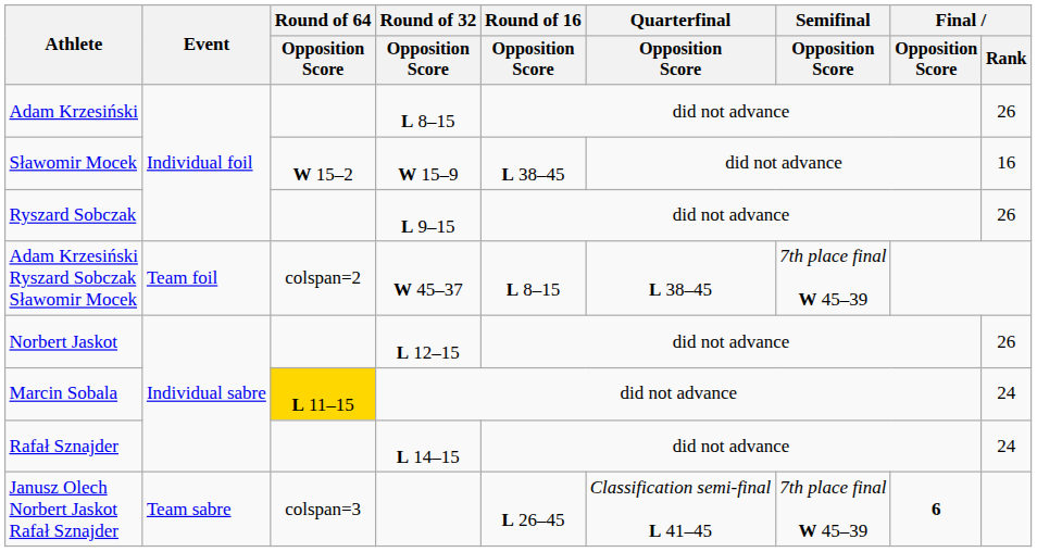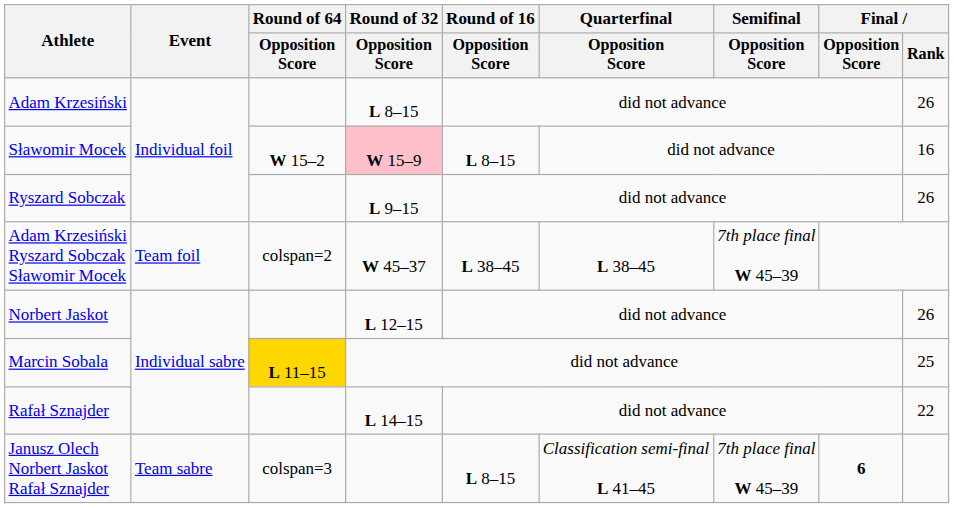 <table class="wikitable" style="font-size:90%">
 <tr>
 <th rowspan="2">Athlete</th>
 <th rowspan="2">Event</th>
 <th>Round of 64</th>
 <th>Round of 32</th>
 <th>Round of 16</th>
 <th>Quarterfinal</th>
 <th>Semifinal</th>
 <th colspan=2>Final / </th>
 </tr>
 <tr style="font-size:95%">
 <th>Opposition <br> Score</th>
 <th>Opposition <br> Score</th>
 <th>Opposition <br> Score</th>
 <th>Opposition <br> Score</th>
 <th>Opposition <br> Score</th>
 <th>Opposition <br> Score</th>
 <th>Rank</th>
 </tr>
 <tr align=center>
 <td align=left><a href='#'>Adam Krzesiński</a></td>
 <td align=left rowspan=3><a href='#'>Individual foil</a></td>
 <td></td>
 <td><br><strong>L</strong> 8–15</td>
 <td colspan=4>did not advance</td>
 <td>26</td>
 </tr>
 <tr align=center>
 <td align=left><a href='#'>Sławomir Mocek</a></td>
 <td><br><strong>W</strong> 15–2</td>
-<td><br><strong>W</strong> 15–9</td>
-<td><br><strong>L</strong> 38–45</td>
+<td style="background: pink;"><br><strong>W</strong> 15–9</td>
+<td><br><strong>L</strong> 8–15</td>
 <td colspan=3>did not advance</td>
 <td>16</td>
 </tr>
 <tr align=center>
 <td align=left><a href='#'>Ryszard Sobczak</a></td>
 <td></td>
 <td><br><strong>L</strong> 9–15</td>
 <td colspan=4>did not advance</td>
 <td>26</td>
 </tr>
 <tr align=center>
 <td align=left><a href='#'>Adam Krzesiński</a><br><a href='#'>Ryszard Sobczak</a><br><a href='#'>Sławomir Mocek</a></td>
 <td align=left><a href='#'>Team foil</a></td>
 <td>colspan=2 </td>
 <td><br><strong>W</strong> 45–37</td>
-<td><br><strong>L</strong> 8–15</td>
+<td><br><strong>L</strong> 38–45</td>
 <td><br><strong>L</strong> 38–45</td>
 <td><em>7th place final</em><br><br><strong>W</strong> 45–39</td>
 </tr>
 <tr align=center>
 <td align=left><a href='#'>Norbert Jaskot</a></td>
 <td align=left rowspan=3><a href='#'>Individual sabre</a></td>
 <td></td>
 <td><br><strong>L</strong> 12–15</td>
 <td colspan=4>did not advance</td>
 <td>26</td>
 </tr>
 <tr align=center>
 <td align=left><a href='#'>Marcin Sobala</a></td>
 <td style="background: gold;"><br><strong>L</strong> 11–15</td>
 <td colspan=5>did not advance</td>
-<td>24</td>
+<td>25</td>
 </tr>
 <tr align=center>
 <td align=left><a href='#'>Rafał Sznajder</a></td>
 <td></td>
 <td><br><strong>L</strong> 14–15</td>
 <td colspan=4>did not advance</td>
-<td>24</td>
+<td>22</td>
 </tr>
 <tr align=center>
 <td align=left><a href='#'>Janusz Olech</a><br><a href='#'>Norbert Jaskot</a><br><a href='#'>Rafał Sznajder</a></td>
 <td align=left><a href='#'>Team sabre</a></td>
 <td>colspan=3 </td>
 <td></td>
-<td><br><strong>L</strong> 26–45</td>
+<td><br><strong>L</strong> 8–15</td>
 <td><em>Classification semi-final</em><br><br><strong>L</strong> 41–45</td>
 <td><em>7th place final</em><br><br><strong>W</strong> 45–39</td>
 <td><strong>6</strong></td>
 </tr>
 </table>
